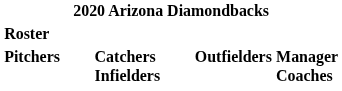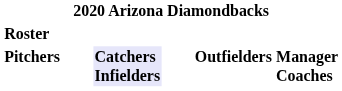 <table class="toccolours" style="font-size: 95%;">
 <tr>
 <th colspan="10">2020 Arizona Diamondbacks</th>
 </tr>
 <tr>
 <td colspan="10"><strong>Roster</strong></td>
 </tr>
 <tr>
 <td valign="top"><strong>Pitchers</strong><br>                        </td>
 <td width="25px"></td>
-<td valign="top"><strong>Catchers</strong><br>  <strong>Infielders</strong>            </td>
+<td valign="top" style="background: lavender;"><strong>Catchers</strong><br>  <strong>Infielders</strong>            </td>
 <td width="25px"></td>
 <td valign="top"><strong>Outfielders</strong><br>     </td>
 <td valign="top"><strong>Manager</strong><br> <strong>Coaches</strong>                    </td>
 </tr>
 <tr>
 </tr>
 </table>
